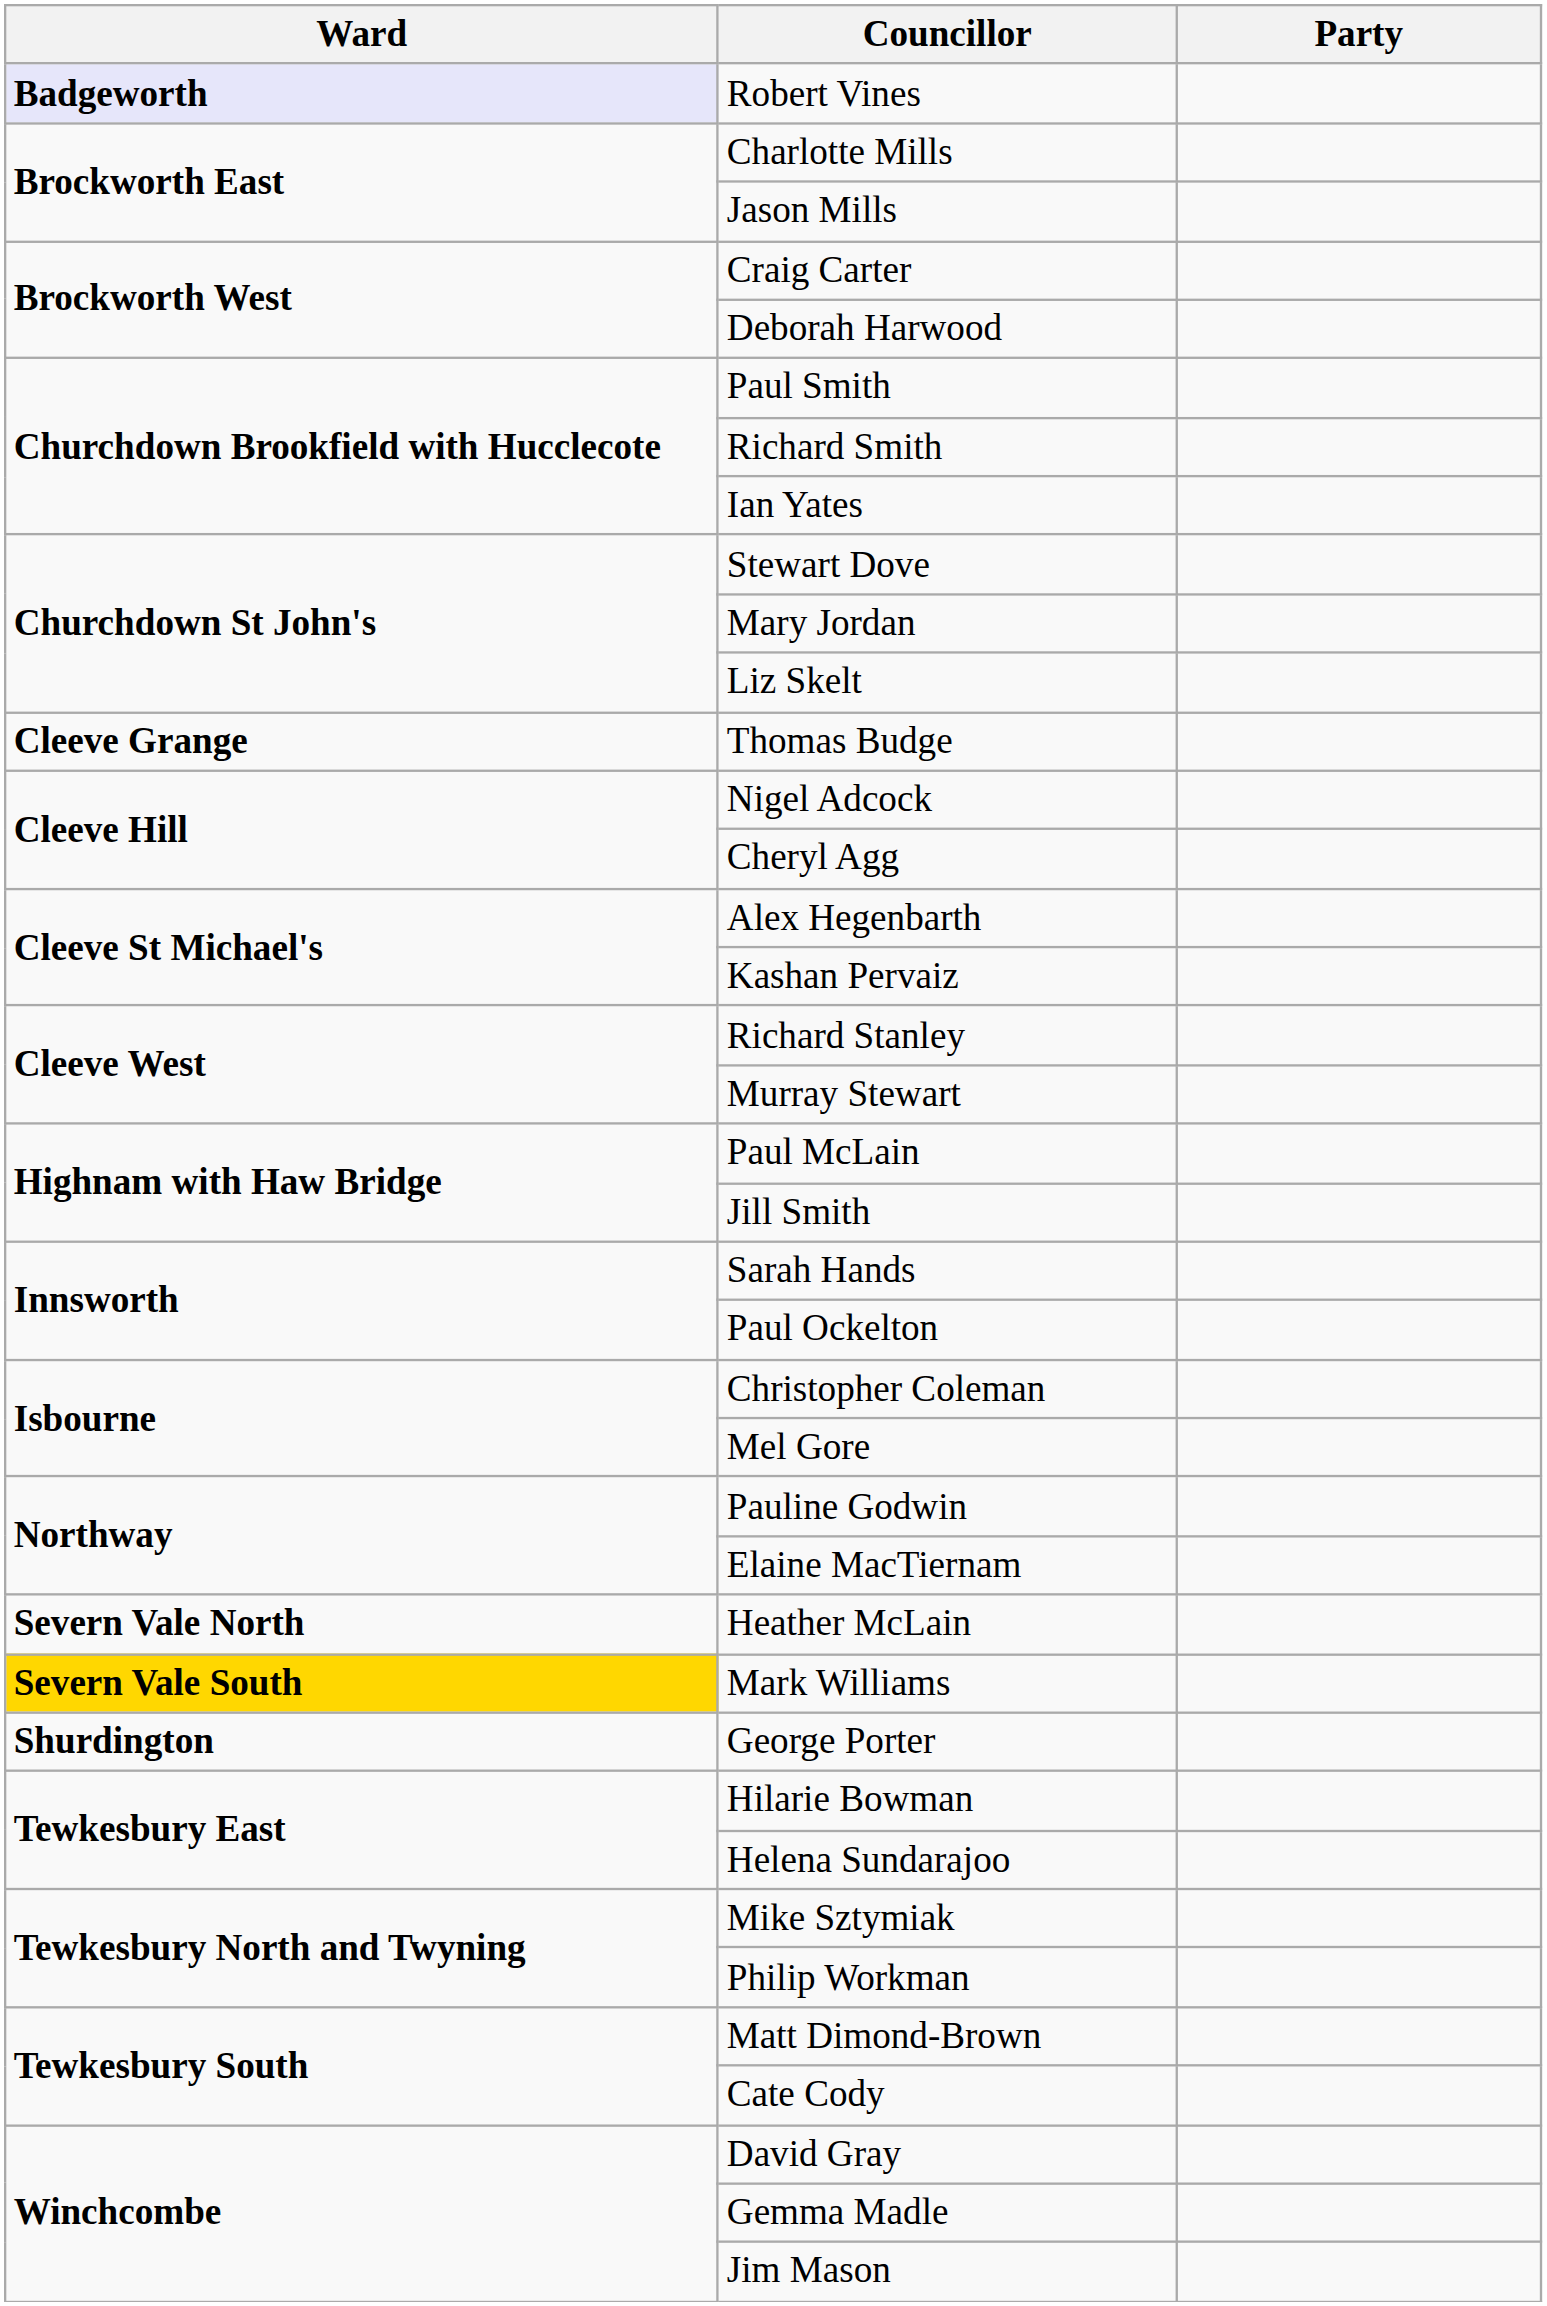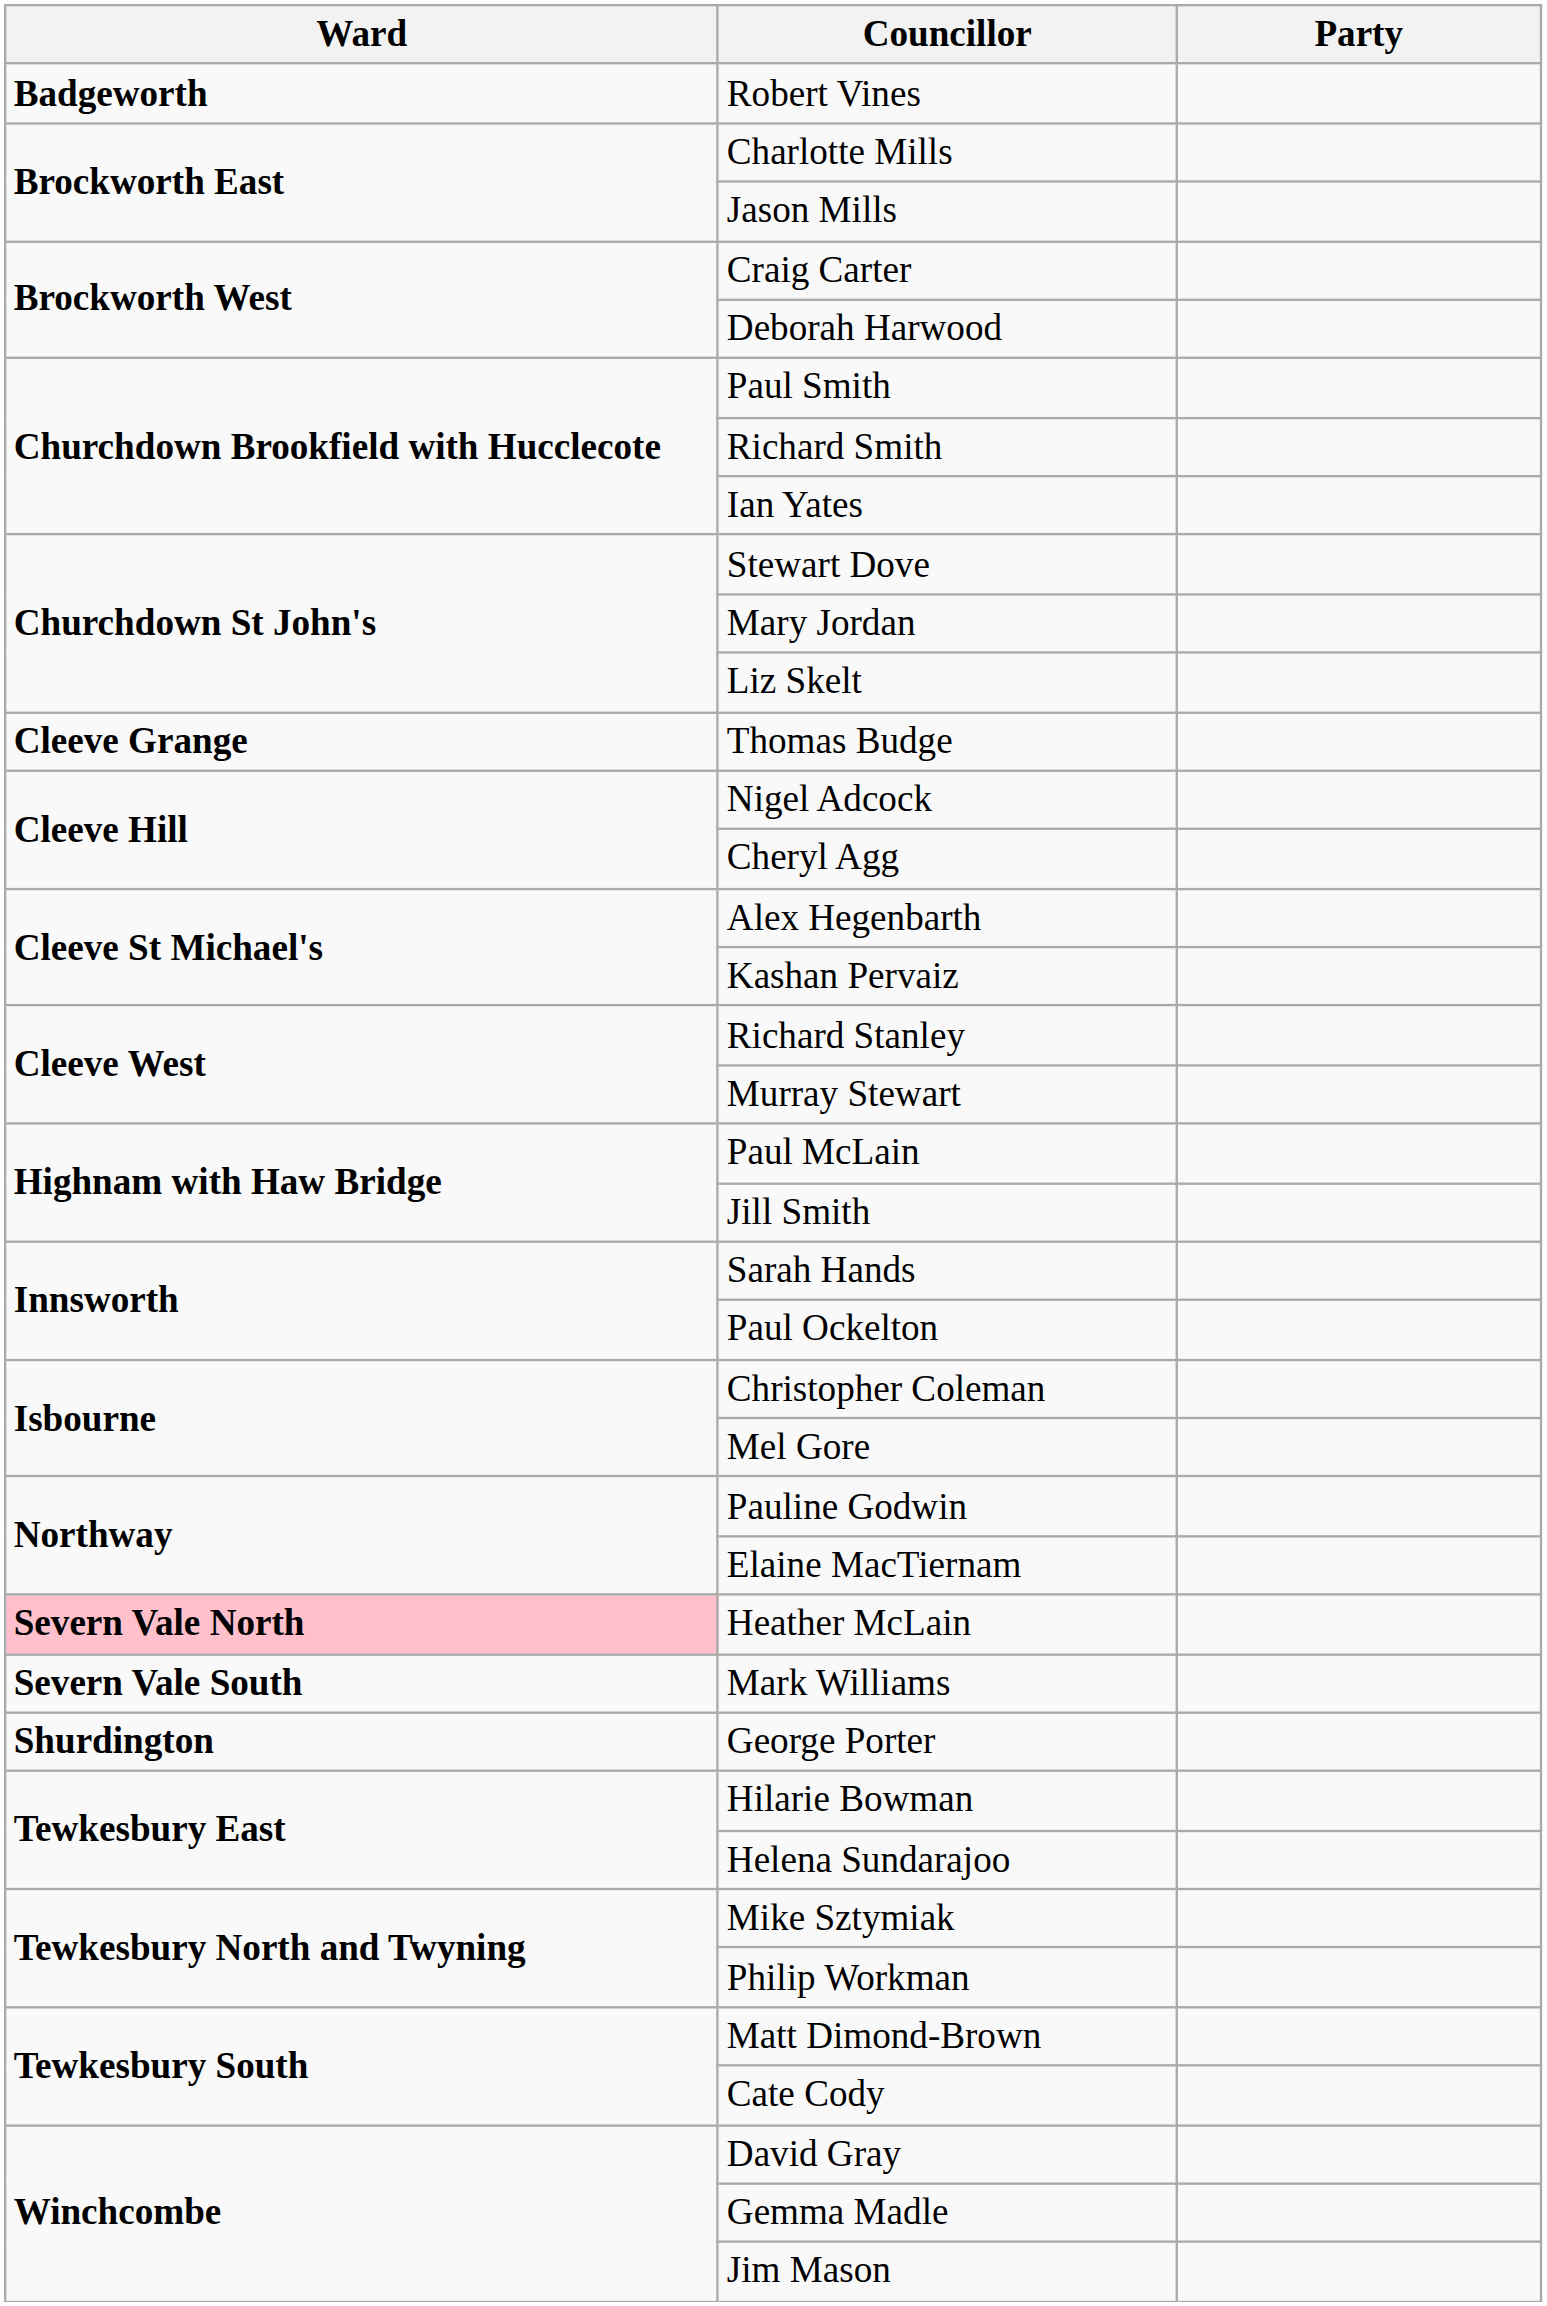 <table class="wikitable">
 <tr>
 <th ! scope="col" style="width: 300px;">Ward</th>
 <th ! scope="col" style="width: 190px;">Councillor</th>
 <th ! scope="col" style="width: 150px;" colspan=2>Party</th>
 </tr>
 <tr>
-<td style="background: lavender;"><strong>Badgeworth</strong></td>
+<td><strong>Badgeworth</strong></td>
 <td>Robert Vines</td>
 <td></td>
 </tr>
 <tr>
 <td rowspan=2><strong>Brockworth East</strong></td>
 <td>Charlotte Mills</td>
 <td></td>
 </tr>
 <tr>
 <td>Jason Mills</td>
 <td></td>
 </tr>
 <tr>
 <td rowspan=2><strong>Brockworth West</strong></td>
 <td>Craig Carter</td>
 <td></td>
 </tr>
 <tr>
 <td>Deborah Harwood</td>
 <td></td>
 </tr>
 <tr>
 <td rowspan=3><strong>Churchdown Brookfield with Hucclecote</strong></td>
 <td>Paul Smith</td>
 <td></td>
 </tr>
 <tr>
 <td>Richard Smith</td>
 <td></td>
 </tr>
 <tr>
 <td>Ian Yates</td>
 <td></td>
 </tr>
 <tr>
 <td rowspan=3><strong>Churchdown St John's</strong></td>
 <td>Stewart Dove</td>
 <td></td>
 </tr>
 <tr>
 <td>Mary Jordan</td>
 <td></td>
 </tr>
 <tr>
 <td>Liz Skelt</td>
 <td></td>
 </tr>
 <tr>
 <td><strong>Cleeve Grange</strong></td>
 <td>Thomas Budge</td>
 <td></td>
 </tr>
 <tr>
 <td rowspan=2><strong>Cleeve Hill</strong></td>
 <td>Nigel Adcock</td>
 <td></td>
 </tr>
 <tr>
 <td>Cheryl Agg</td>
 <td></td>
 </tr>
 <tr>
 <td rowspan=2><strong>Cleeve St Michael's</strong></td>
 <td>Alex Hegenbarth</td>
 <td></td>
 </tr>
 <tr>
 <td>Kashan Pervaiz</td>
 <td></td>
 </tr>
 <tr>
 <td rowspan=2><strong>Cleeve West</strong></td>
 <td>Richard Stanley</td>
 <td></td>
 </tr>
 <tr>
 <td>Murray Stewart</td>
 <td></td>
 </tr>
 <tr>
 <td rowspan=2><strong>Highnam with Haw Bridge</strong></td>
 <td>Paul McLain</td>
 <td></td>
 </tr>
 <tr>
 <td>Jill Smith</td>
 <td></td>
 </tr>
 <tr>
 <td rowspan=2><strong>Innsworth</strong></td>
 <td>Sarah Hands</td>
 <td></td>
 </tr>
 <tr>
 <td>Paul Ockelton</td>
 <td></td>
 </tr>
 <tr>
 <td rowspan=2><strong>Isbourne</strong></td>
 <td>Christopher Coleman</td>
 <td></td>
 </tr>
 <tr>
 <td>Mel Gore</td>
 <td></td>
 </tr>
 <tr>
 <td rowspan=2><strong>Northway</strong></td>
 <td>Pauline Godwin</td>
 <td></td>
 </tr>
 <tr>
 <td>Elaine MacTiernam</td>
 <td></td>
 </tr>
 <tr>
-<td><strong>Severn Vale North</strong></td>
+<td style="background: pink;"><strong>Severn Vale North</strong></td>
 <td>Heather McLain</td>
 <td></td>
 </tr>
 <tr>
-<td style="background: gold;"><strong>Severn Vale South</strong></td>
+<td><strong>Severn Vale South</strong></td>
 <td>Mark Williams</td>
 <td></td>
 </tr>
 <tr>
 <td><strong>Shurdington</strong></td>
 <td>George Porter</td>
 <td></td>
 </tr>
 <tr>
 <td rowspan=2><strong>Tewkesbury East</strong></td>
 <td>Hilarie Bowman</td>
 <td></td>
 </tr>
 <tr>
 <td>Helena Sundarajoo</td>
 <td></td>
 </tr>
 <tr>
 <td rowspan=2><strong>Tewkesbury North and Twyning</strong></td>
 <td>Mike Sztymiak</td>
 <td></td>
 </tr>
 <tr>
 <td>Philip Workman</td>
 <td></td>
 </tr>
 <tr>
 <td rowspan=2><strong>Tewkesbury South</strong></td>
 <td>Matt Dimond-Brown</td>
 <td></td>
 </tr>
 <tr>
 <td>Cate Cody</td>
 <td></td>
 </tr>
 <tr>
 <td rowspan=3><strong>Winchcombe</strong></td>
 <td>David Gray</td>
 <td></td>
 </tr>
 <tr>
 <td>Gemma Madle</td>
 <td></td>
 </tr>
 <tr>
 <td>Jim Mason</td>
 <td></td>
 </tr>
 </table>
